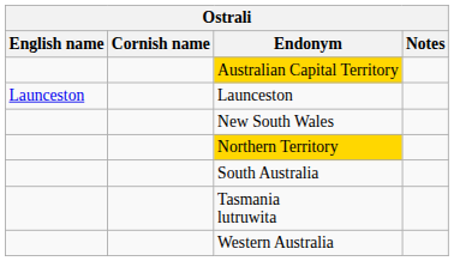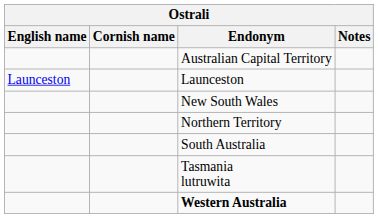 <table class="wikitable sortable">
 <tr>
 <th colspan="24"> Ostrali</th>
 </tr>
 <tr>
 <th>English name</th>
 <th>Cornish name</th>
 <th>Endonym</th>
 <th>Notes</th>
 </tr>
 <tr>
 <td></td>
 <td></td>
-<td style="background: gold;">Australian Capital Territory</td>
+<td>Australian Capital Territory</td>
 <td></td>
 </tr>
 <tr>
 <td><a href='#'>Launceston</a></td>
 <td></td>
 <td>Launceston</td>
 <td></td>
 </tr>
 <tr>
 <td></td>
 <td></td>
 <td>New South Wales</td>
 <td></td>
 </tr>
 <tr>
 <td></td>
 <td></td>
-<td style="background: gold;">Northern Territory</td>
+<td>Northern Territory</td>
 <td></td>
 </tr>
 <tr>
 <td></td>
 <td></td>
 <td>South Australia</td>
 <td></td>
 </tr>
 <tr>
 <td></td>
 <td></td>
 <td>Tasmania<br>lutruwita</td>
 <td></td>
 </tr>
 <tr>
 <td></td>
 <td></td>
-<td>Western Australia</td>
+<td><strong>Western Australia</strong></td>
 <td></td>
 </tr>
 </table>
